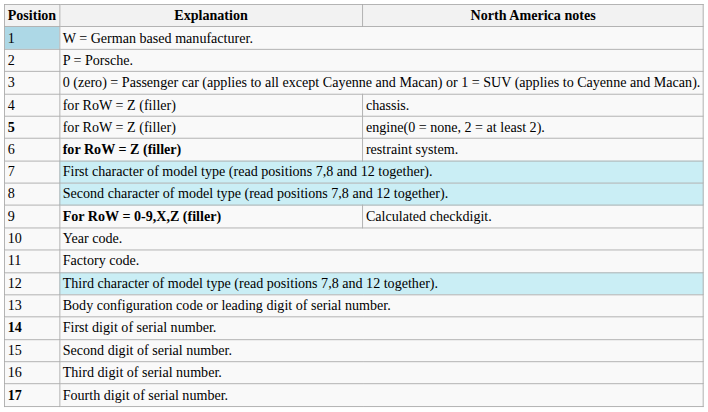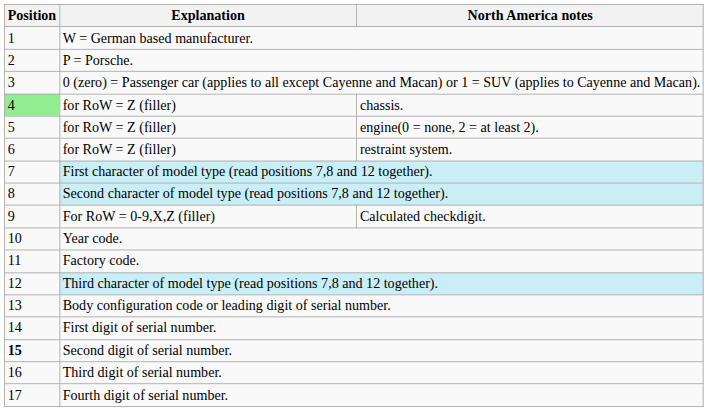 <table class="wikitable">
 <tr>
 <th>Position</th>
 <th>Explanation</th>
 <th>North America notes</th>
 </tr>
 <tr>
-<td style="background: lightblue;">1</td>
+<td>1</td>
 <td colspan="2">W = German based manufacturer.</td>
 </tr>
 <tr>
 <td>2</td>
 <td colspan="2">P = Porsche.</td>
 </tr>
 <tr>
 <td>3</td>
 <td colspan="2">0 (zero) = Passenger car (applies to all except Cayenne and Macan)  or  1 = SUV (applies to Cayenne and Macan).</td>
 </tr>
 <tr>
-<td>4</td>
+<td style="background: lightgreen;">4</td>
 <td>for RoW = Z (filler)</td>
 <td>chassis.</td>
 </tr>
 <tr>
-<td><strong>5</strong></td>
+<td>5</td>
 <td>for RoW = Z (filler)</td>
 <td>engine(0 = none, 2 = at least 2).</td>
 </tr>
 <tr>
 <td>6</td>
-<td><strong>for RoW = Z (filler)</strong></td>
+<td>for RoW = Z (filler)</td>
 <td>restraint system.</td>
 </tr>
 <tr>
 <td>7</td>
 <td colspan="2" style="background: #CAEEF5">First character of model type (read positions 7,8 and 12 together).</td>
 </tr>
 <tr>
 <td>8</td>
 <td colspan="2" style="background: #CAEEF5">Second character of model type (read positions 7,8 and 12 together).</td>
 </tr>
 <tr>
 <td>9</td>
-<td><strong>For RoW = 0-9,X,Z (filler)</strong></td>
+<td>For RoW = 0-9,X,Z (filler)</td>
 <td>Calculated checkdigit.</td>
 </tr>
 <tr>
 <td>10</td>
 <td colspan="2">Year code.</td>
 </tr>
 <tr>
 <td>11</td>
 <td colspan="2">Factory code.</td>
 </tr>
 <tr>
 <td>12</td>
 <td colspan="2" style="background: #CAEEF5">Third character of model type (read positions 7,8 and 12 together).</td>
 </tr>
 <tr>
 <td>13</td>
 <td colspan="2">Body configuration code or leading digit of serial number.</td>
 </tr>
 <tr>
-<td><strong>14</strong></td>
+<td>14</td>
 <td colspan="2">First digit of serial number.</td>
 </tr>
 <tr>
-<td>15</td>
+<td><strong>15</strong></td>
 <td colspan="2">Second digit of serial number.</td>
 </tr>
 <tr>
 <td>16</td>
 <td colspan="2">Third digit of serial number.</td>
 </tr>
 <tr>
-<td><strong>17</strong></td>
+<td>17</td>
 <td colspan="2">Fourth digit of serial number.</td>
 </tr>
 </table>
